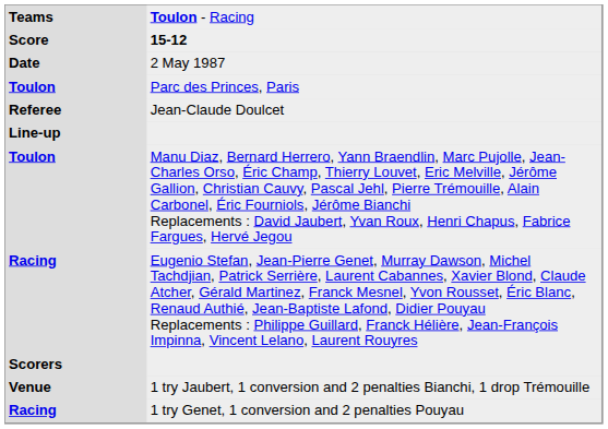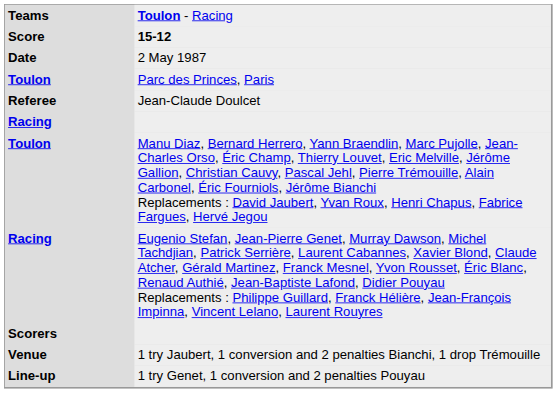 <table align="left" cellpadding="4" cellspacing="0"  style="margin: 0 0 0 0; border: 1px solid #999; border-right-width: 2px; border-bottom-width: 2px; background-color: #DDDDDD">
 <tr>
 <td width="150" valign="top"><strong>Teams</strong></td>
 <td width="500" bgcolor=#EEEEEE><strong><a href='#'>Toulon</a></strong> - <a href='#'>Racing</a></td>
 </tr>
 <tr>
 <td valign="top"><strong>Score</strong></td>
 <td bgcolor=#EEEEEE><strong>15-12</strong></td>
 </tr>
 <tr>
 <td valign="top"><strong>Date</strong></td>
 <td bgcolor=#EEEEEE>2 May 1987</td>
 </tr>
 <tr>
 <td valign="top"><strong><a href='#'>Toulon</a></strong></td>
 <td bgcolor=#EEEEEE><a href='#'>Parc des Princes</a>, <a href='#'>Paris</a></td>
 </tr>
 <tr>
 <td valign="top"><strong>Referee</strong></td>
 <td bgcolor=#EEEEEE>Jean-Claude Doulcet</td>
 </tr>
 <tr>
-<td valign="top"><strong>Line-up</strong></td>
+<td valign="top"><strong><a href='#'>Racing</a> </strong></td>
 <td bgcolor=#EEEEEE></td>
 </tr>
 <tr>
 <td valign="top"><strong><a href='#'>Toulon</a></strong></td>
 <td bgcolor=#EEEEEE><a href='#'>Manu Diaz</a>, <a href='#'>Bernard Herrero</a>, <a href='#'>Yann Braendlin</a>, <a href='#'>Marc Pujolle</a>, <a href='#'>Jean-Charles Orso</a>, <a href='#'>Éric Champ</a>, <a href='#'>Thierry Louvet</a>, <a href='#'>Eric Melville</a>, <a href='#'>Jérôme Gallion</a>, <a href='#'>Christian Cauvy</a>, <a href='#'>Pascal Jehl</a>, <a href='#'>Pierre Trémouille</a>, <a href='#'>Alain Carbonel</a>, <a href='#'>Éric Fourniols</a>, <a href='#'>Jérôme Bianchi</a><br>Replacements : <a href='#'>David Jaubert</a>, <a href='#'>Yvan Roux</a>, <a href='#'>Henri Chapus</a>, <a href='#'>Fabrice Fargues</a>, <a href='#'>Hervé Jegou</a></td>
 </tr>
 <tr>
 <td valign="top"><strong><a href='#'>Racing</a></strong></td>
 <td bgcolor=#EEEEEE><a href='#'>Eugenio Stefan</a>, <a href='#'>Jean-Pierre Genet</a>, <a href='#'>Murray Dawson</a>, <a href='#'>Michel Tachdjian</a>, <a href='#'>Patrick Serrière</a>, <a href='#'>Laurent Cabannes</a>, <a href='#'>Xavier Blond</a>, <a href='#'>Claude Atcher</a>, <a href='#'>Gérald Martinez</a>, <a href='#'>Franck Mesnel</a>, <a href='#'>Yvon Rousset</a>, <a href='#'>Éric Blanc</a>, <a href='#'>Renaud Authié</a>, <a href='#'>Jean-Baptiste Lafond</a>, <a href='#'>Didier Pouyau</a> <br>Replacements : <a href='#'>Philippe Guillard</a>, <a href='#'>Franck Hélière</a>, <a href='#'>Jean-François Impinna</a>, <a href='#'>Vincent Lelano</a>, <a href='#'>Laurent Rouyres</a></td>
 </tr>
 <tr>
 <td valign="top"><strong>Scorers</strong></td>
 <td bgcolor=#EEEEEE></td>
 </tr>
 <tr>
 <td valign="top"><strong>Venue</strong></td>
 <td bgcolor=#EEEEEE>1 try Jaubert, 1 conversion and 2 penalties  Bianchi, 1 drop Trémouille</td>
 </tr>
 <tr>
-<td valign="top"><strong><a href='#'>Racing</a> </strong></td>
+<td valign="top"><strong>Line-up</strong></td>
 <td bgcolor=#EEEEEE>1 try Genet, 1 conversion and 2 penalties  Pouyau</td>
 </tr>
 </table>
